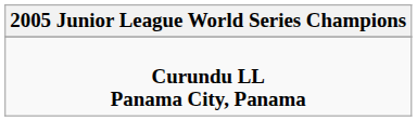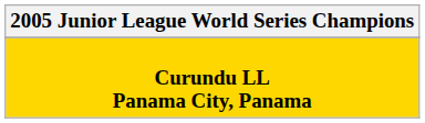 <table class="wikitable" style="text-align: center; margin: 0 auto;">
 <tr>
 <th>2005 Junior League World Series Champions</th>
 </tr>
 <tr>
 </tr>
 <tr>
-<td><br><strong>Curundu LL</strong><br><strong>Panama City, Panama</strong></td>
+<td style="background: gold;"><br><strong>Curundu LL</strong><br><strong>Panama City, Panama</strong></td>
 </tr>
 </table>
